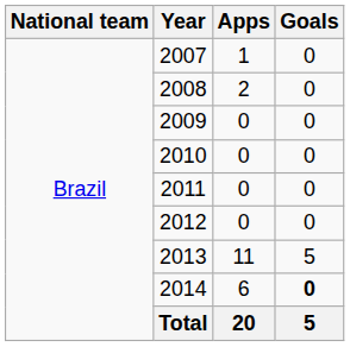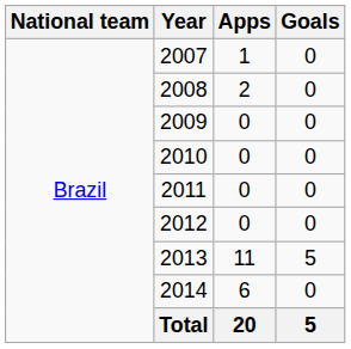 <table class="wikitable" style="text-align:center">
 <tr>
 <th>National team</th>
 <th>Year</th>
 <th>Apps</th>
 <th>Goals</th>
 </tr>
 <tr>
 <td rowspan="9"><a href='#'>Brazil</a></td>
 <td>2007</td>
 <td>1</td>
 <td>0</td>
 </tr>
 <tr>
 <td>2008</td>
 <td>2</td>
 <td>0</td>
 </tr>
 <tr>
 <td>2009</td>
 <td>0</td>
 <td>0</td>
 </tr>
 <tr>
 <td>2010</td>
 <td>0</td>
 <td>0</td>
 </tr>
 <tr>
 <td>2011</td>
 <td>0</td>
 <td>0</td>
 </tr>
 <tr>
 <td>2012</td>
 <td>0</td>
 <td>0</td>
 </tr>
 <tr>
 <td>2013</td>
 <td>11</td>
 <td>5</td>
 </tr>
 <tr>
 <td>2014</td>
 <td>6</td>
-<td><strong>0</strong></td>
+<td>0</td>
 </tr>
 <tr>
 <th>Total</th>
 <th>20</th>
 <th>5</th>
 </tr>
 </table>
